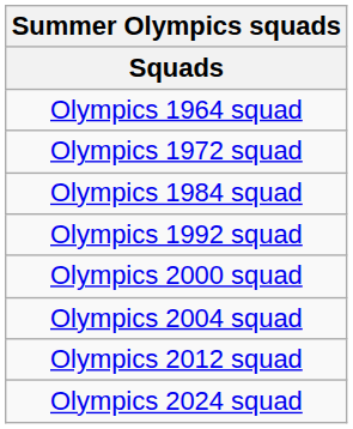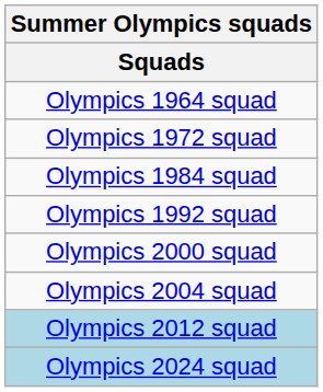 <table class="wikitable sortable collapsible collapsed" style="text-align:center">
 <tr>
 <th colspan="1"  style="text-align:center;">Summer Olympics squads</th>
 </tr>
 <tr>
 <th>Squads</th>
 </tr>
 <tr>
 <td><a href='#'>Olympics 1964 squad</a></td>
 </tr>
 <tr>
 <td><a href='#'>Olympics 1972 squad</a></td>
 </tr>
 <tr>
 <td><a href='#'>Olympics 1984 squad</a></td>
 </tr>
 <tr>
 <td><a href='#'>Olympics 1992 squad</a></td>
 </tr>
 <tr>
 <td><a href='#'>Olympics 2000 squad</a></td>
 </tr>
 <tr>
 <td><a href='#'>Olympics 2004 squad</a></td>
 </tr>
 <tr>
-<td><a href='#'>Olympics 2012 squad</a></td>
+<td style="background: lightblue;"><a href='#'>Olympics 2012 squad</a></td>
 </tr>
 <tr>
-<td><a href='#'>Olympics 2024 squad</a></td>
+<td style="background: lightblue;"><a href='#'>Olympics 2024 squad</a></td>
 </tr>
 </table>
